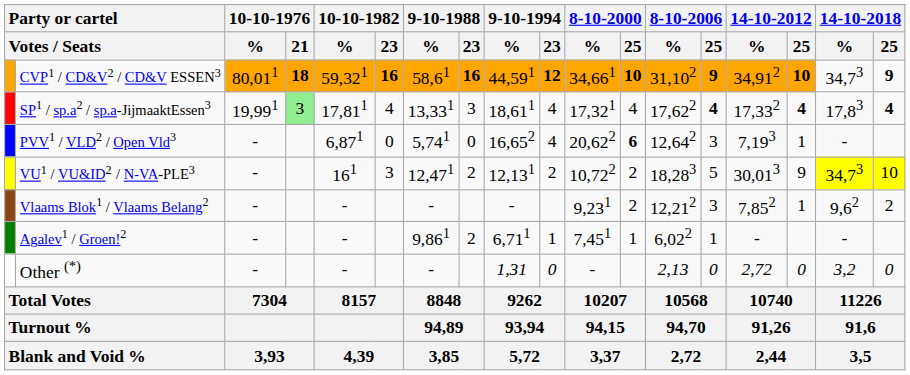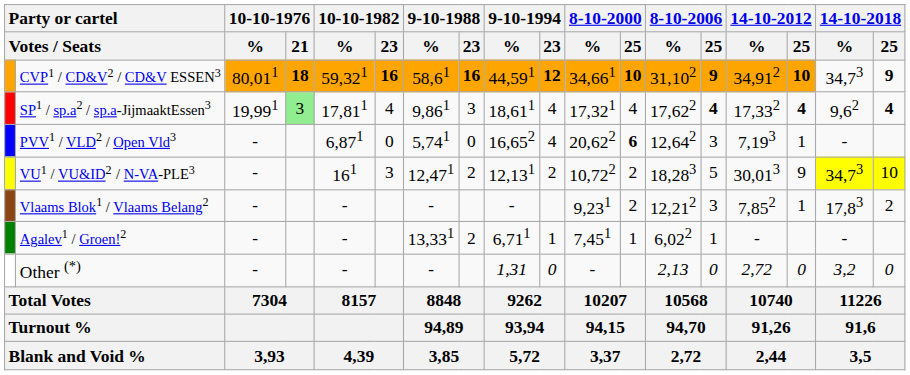 <table class="wikitable" style="text-align:center; font-size:100%;">
 <tr>
 <th colspan="2" style="text-align:left;">Party or cartel</th>
 <th colspan="2">10-10-1976</th>
 <th colspan="2">10-10-1982</th>
 <th colspan="2">9-10-1988</th>
 <th colspan="2">9-10-1994</th>
 <th colspan="2"><a href='#'>8-10-2000</a></th>
 <th colspan="2"><a href='#'>8-10-2006</a></th>
 <th colspan="2"><a href='#'>14-10-2012</a></th>
 <th colspan="2"><a href='#'>14-10-2018</a></th>
 </tr>
 <tr>
 <th colspan="2" style="text-align:left;">Votes / Seats</th>
 <th>%</th>
 <th>21</th>
 <th>%</th>
 <th>23</th>
 <th>%</th>
 <th>23</th>
 <th>%</th>
 <th>23</th>
 <th>%</th>
 <th>25</th>
 <th>%</th>
 <th>25</th>
 <th>%</th>
 <th>25</th>
 <th>%</th>
 <th>25</th>
 </tr>
 <tr>
 <td style="width: 3px" bgcolor="orange"></td>
 <td style="text-align:left;"><small><a href='#'>CVP</a><sup>1</sup> / <a href='#'>CD&V</a><sup>2</sup> / <a href='#'>CD&V</a> ESSEN<sup>3</sup> </small></td>
 <td style="background-color:orange">80,01<sup>1</sup></td>
 <td style="background-color:orange"><strong>18</strong></td>
 <td style="background-color:orange">59,32<sup>1</sup></td>
 <td style="background-color:orange"><strong>16</strong></td>
 <td style="background-color:orange">58,6<sup>1</sup></td>
 <td style="background-color:orange"><strong>16</strong></td>
 <td style="background-color:orange">44,59<sup>1</sup></td>
 <td style="background-color:orange"><strong>12</strong></td>
 <td style="background-color:orange">34,66<sup>1</sup></td>
 <td style="background-color:orange"><strong>10</strong></td>
 <td style="background-color:orange">31,10<sup>2</sup></td>
 <td style="background-color:orange"><strong>9</strong></td>
 <td style="background-color:orange">34,91<sup>2</sup></td>
 <td style="background-color:orange"><strong>10</strong></td>
 <td>34,7<sup>3</sup></td>
 <td><strong>9</strong></td>
 </tr>
 <tr>
 <td style="width: 3px" bgcolor="red"></td>
 <td style="text-align:left;"><small><a href='#'>SP</a><sup>1</sup> / <a href='#'>sp.a</a><sup>2</sup> / <a href='#'>sp.a</a>-JijmaaktEssen<sup>3</sup></small></td>
 <td>19,99<sup>1</sup></td>
 <td style="background: lightgreen;">3</td>
 <td>17,81<sup>1</sup></td>
 <td>4</td>
-<td>13,33<sup>1</sup></td>
+<td>9,86<sup>1</sup></td>
 <td>3</td>
 <td>18,61<sup>1</sup></td>
 <td>4</td>
 <td>17,32<sup>1</sup></td>
 <td>4</td>
 <td>17,62<sup>2</sup></td>
 <td><strong>4</strong></td>
 <td>17,33<sup>2</sup></td>
 <td><strong>4</strong></td>
-<td>17,8<sup>3</sup></td>
+<td>9,6<sup>2</sup></td>
 <td><strong>4</strong></td>
 </tr>
 <tr>
 <td style="width: 3px" bgcolor="blue"></td>
 <td style="text-align:left;"><small><a href='#'>PVV</a><sup>1</sup> / <a href='#'>VLD</a><sup>2</sup> / <a href='#'>Open Vld</a><sup>3</sup></small></td>
 <td>-</td>
 <td></td>
 <td>6,87<sup>1</sup></td>
 <td>0</td>
 <td>5,74<sup>1</sup></td>
 <td>0</td>
 <td>16,65<sup>2</sup></td>
 <td>4</td>
 <td>20,62<sup>2</sup></td>
 <td><strong>6</strong></td>
 <td>12,64<sup>2</sup></td>
 <td>3</td>
 <td>7,19<sup>3</sup></td>
 <td>1</td>
 <td>-</td>
 <td></td>
 </tr>
 <tr>
 <td style="width: 3px" bgcolor="yellow"></td>
 <td style="text-align:left;"><small><a href='#'>VU</a><sup>1</sup> / <a href='#'>VU&ID</a><sup>2</sup></small> <small>/ <a href='#'>N-VA</a>-PLE<sup>3</sup></small></td>
 <td>-</td>
 <td></td>
 <td>16<sup>1</sup></td>
 <td>3</td>
 <td>12,47<sup>1</sup></td>
 <td>2</td>
 <td>12,13<sup>1</sup></td>
 <td>2</td>
 <td>10,72<sup>2</sup></td>
 <td>2</td>
 <td>18,28<sup>3</sup></td>
 <td>5</td>
 <td>30,01<sup>3</sup></td>
 <td>9</td>
 <td style="background-color:yellow">34,7<sup>3</sup></td>
 <td style="background-color:yellow">10</td>
 </tr>
 <tr>
 <td style="width: 3px" bgcolor="#8b4513"></td>
 <td style="text-align:left;"><small><a href='#'>Vlaams Blok</a><sup>1</sup> / <a href='#'>Vlaams Belang</a><sup>2</sup></small></td>
 <td>-</td>
 <td></td>
 <td>-</td>
 <td></td>
 <td>-</td>
 <td></td>
 <td>-</td>
 <td></td>
 <td>9,23<sup>1</sup></td>
 <td>2</td>
 <td>12,21<sup>2</sup></td>
 <td>3</td>
 <td>7,85<sup>2</sup></td>
 <td>1</td>
-<td>9,6<sup>2</sup></td>
+<td>17,8<sup>3</sup></td>
 <td>2</td>
 </tr>
 <tr>
 <td style="width: 3px" bgcolor="green"></td>
 <td style="text-align:left;"><small><a href='#'>Agalev</a><sup>1</sup> / <a href='#'>Groen!</a><sup>2</sup></small></td>
 <td>-</td>
 <td></td>
 <td>-</td>
 <td></td>
-<td>9,86<sup>1</sup></td>
+<td>13,33<sup>1</sup></td>
 <td>2</td>
 <td>6,71<sup>1</sup></td>
 <td>1</td>
 <td>7,45<sup>1</sup></td>
 <td>1</td>
 <td>6,02<sup>2</sup></td>
 <td>1</td>
 <td>-</td>
 <td></td>
 <td>-</td>
 <td></td>
 </tr>
 <tr>
 <td style="width: 3px" bgcolor="white"></td>
 <td style="text-align:left;">Other <sup>(*)</sup></td>
 <td><em>-</em></td>
 <td></td>
 <td><em>-</em></td>
 <td></td>
 <td><em>-</em></td>
 <td></td>
 <td><em>1,31</em></td>
 <td><em>0</em></td>
 <td><em>-</em></td>
 <td></td>
 <td><em>2,13</em></td>
 <td><em>0</em></td>
 <td><em>2,72</em></td>
 <td><em>0</em></td>
 <td><em>3,2</em></td>
 <td><em>0</em></td>
 </tr>
 <tr>
 <th colspan="2" style="text-align:left;">Total Votes</th>
 <th colspan="2">7304</th>
 <th colspan="2">8157</th>
 <th colspan="2">8848</th>
 <th colspan="2">9262</th>
 <th colspan="2">10207</th>
 <th colspan="2">10568</th>
 <th colspan="2">10740</th>
 <th colspan="2">11226</th>
 </tr>
 <tr>
 <th colspan="2" style="text-align:left;">Turnout %</th>
 <th colspan="2"></th>
 <th colspan="2"></th>
 <th colspan="2">94,89</th>
 <th colspan="2">93,94</th>
 <th colspan="2">94,15</th>
 <th colspan="2">94,70</th>
 <th colspan="2">91,26</th>
 <th colspan="2">91,6</th>
 </tr>
 <tr>
 <th colspan="2" style="text-align:left;">Blank and Void %</th>
 <th colspan="2">3,93</th>
 <th colspan="2">4,39</th>
 <th colspan="2">3,85</th>
 <th colspan="2">5,72</th>
 <th colspan="2">3,37</th>
 <th colspan="2">2,72</th>
 <th colspan="2">2,44</th>
 <th colspan="2">3,5</th>
 </tr>
 </table>
